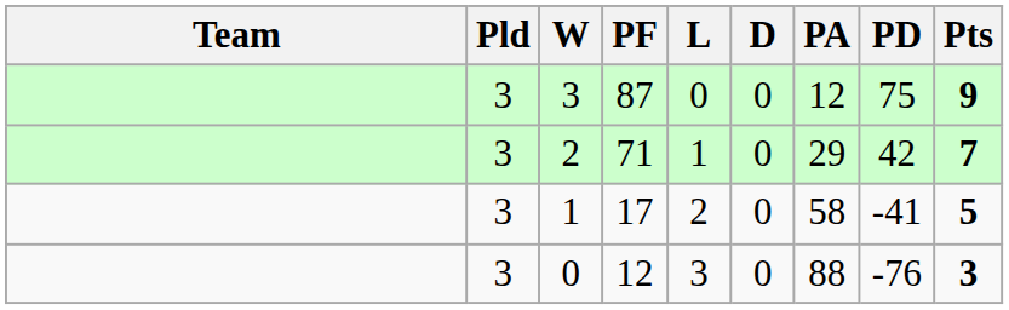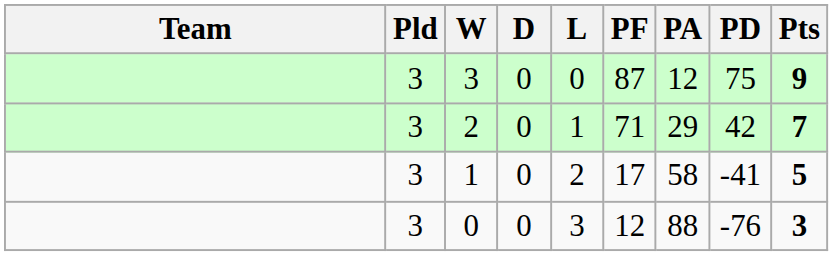 <table class="wikitable" style="text-align:center;">
 <tr>
 <th width="190">Team</th>
 <th width="20" abbr="Played">Pld</th>
 <th width="20" abbr="Won">W</th>
+<th width="20" abbr="Drawn">D</th>
+<th width="20" abbr="Lost">L</th>
 <th width="20" abbr="Points for">PF</th>
-<th width="20" abbr="Lost">L</th>
-<th width="20" abbr="Drawn">D</th>
 <th width="20" abbr="Points against">PA</th>
 <th width="25" abbr="Points difference">PD</th>
 <th width="20" abbr="Points">Pts</th>
 </tr>
 <tr style="background:#ccffcc">
 <td align="left"></td>
 <td>3</td>
 <td>3</td>
-<td>87</td>
 <td>0</td>
 <td>0</td>
+<td>87</td>
 <td>12</td>
 <td>75</td>
 <td><strong>9</strong></td>
 </tr>
 <tr style="background:#ccffcc">
 <td align="left"></td>
 <td>3</td>
 <td>2</td>
+<td>0</td>
+<td>1</td>
 <td>71</td>
-<td>1</td>
-<td>0</td>
 <td>29</td>
 <td>42</td>
 <td><strong>7</strong></td>
 </tr>
 <tr>
 <td align="left"></td>
 <td>3</td>
 <td>1</td>
+<td>0</td>
+<td>2</td>
 <td>17</td>
-<td>2</td>
-<td>0</td>
 <td>58</td>
 <td>-41</td>
 <td><strong>5</strong></td>
 </tr>
 <tr>
 <td align="left"></td>
 <td>3</td>
 <td>0</td>
+<td>0</td>
+<td>3</td>
 <td>12</td>
-<td>3</td>
-<td>0</td>
 <td>88</td>
 <td>-76</td>
 <td><strong>3</strong></td>
 </tr>
 </table>
